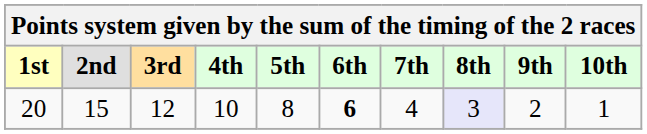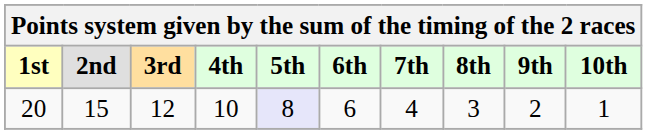 <table class="wikitable" style="font-size: 85%; text-align: center">
 <tr>
 <th colspan=19>Points system given by the sum of the timing of the 2 races</th>
 </tr>
 <tr>
 <td style="background:#ffffbf;"> <strong>1st</strong> </td>
 <td style="background:#dfdfdf;"> <strong>2nd</strong> </td>
 <td style="background:#ffdf9f;"> <strong>3rd</strong> </td>
 <td style="background:#dfffdf;"> <strong>4th</strong> </td>
 <td style="background:#dfffdf;"> <strong>5th</strong> </td>
 <td style="background:#dfffdf;"> <strong>6th</strong> </td>
 <td style="background:#dfffdf;"> <strong>7th</strong> </td>
 <td style="background:#dfffdf;"> <strong>8th</strong> </td>
 <td style="background:#dfffdf;"> <strong>9th</strong> </td>
 <td style="background:#dfffdf;"> <strong>10th</strong> </td>
 </tr>
 <tr>
 <td>20</td>
 <td>15</td>
 <td>12</td>
 <td>10</td>
-<td>8</td>
-<td><strong>6</strong></td>
+<td style="background: lavender;">8</td>
+<td>6</td>
 <td>4</td>
-<td style="background: lavender;">3</td>
+<td>3</td>
 <td>2</td>
 <td>1</td>
 </tr>
 </table>
